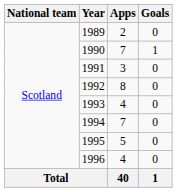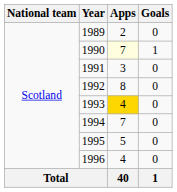 <table class="wikitable" style="text-align:center">
 <tr>
 <th>National team</th>
 <th>Year</th>
 <th>Apps</th>
 <th>Goals</th>
 </tr>
 <tr>
 <td rowspan="8"><a href='#'>Scotland</a></td>
 <td>1989</td>
 <td>2</td>
 <td>0</td>
 </tr>
 <tr>
 <td>1990</td>
-<td>7</td>
+<td style="background: lightyellow;">7</td>
 <td>1</td>
 </tr>
 <tr>
 <td>1991</td>
 <td>3</td>
 <td>0</td>
 </tr>
 <tr>
 <td>1992</td>
 <td>8</td>
 <td>0</td>
 </tr>
 <tr>
 <td>1993</td>
-<td>4</td>
+<td style="background: gold;">4</td>
 <td>0</td>
 </tr>
 <tr>
 <td>1994</td>
 <td>7</td>
 <td>0</td>
 </tr>
 <tr>
 <td>1995</td>
 <td>5</td>
 <td>0</td>
 </tr>
 <tr>
 <td>1996</td>
 <td>4</td>
 <td>0</td>
 </tr>
 <tr>
 <th colspan="2">Total</th>
 <th>40</th>
 <th>1</th>
 </tr>
 </table>
